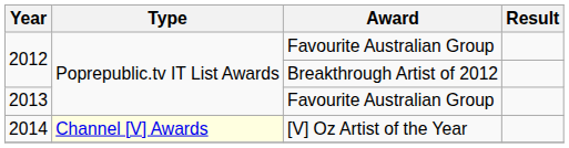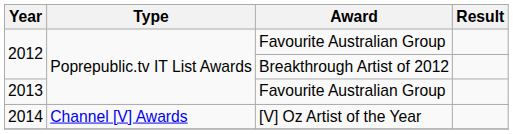 <table class="wikitable">
 <tr>
 <th>Year</th>
 <th>Type</th>
 <th>Award</th>
 <th>Result</th>
 </tr>
 <tr>
 <td rowspan="2">2012</td>
 <td rowspan="3">Poprepublic.tv IT List Awards</td>
 <td>Favourite Australian Group</td>
 <td></td>
 </tr>
 <tr>
 <td>Breakthrough Artist of 2012</td>
 <td></td>
 </tr>
 <tr>
 <td>2013</td>
 <td>Favourite Australian Group</td>
 <td></td>
 </tr>
 <tr>
 <td>2014</td>
-<td style="background: lightyellow;"><a href='#'>Channel [V] Awards</a></td>
+<td><a href='#'>Channel [V] Awards</a></td>
 <td>[V] Oz Artist of the Year</td>
 <td></td>
 </tr>
 <tr>
 </tr>
 </table>
